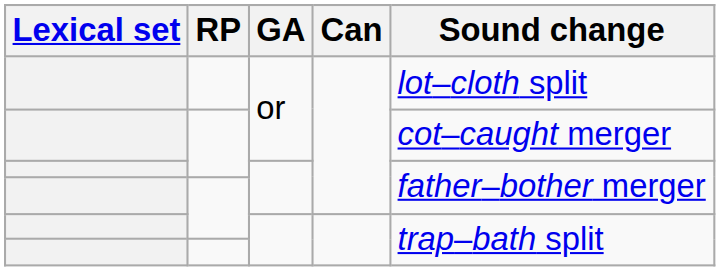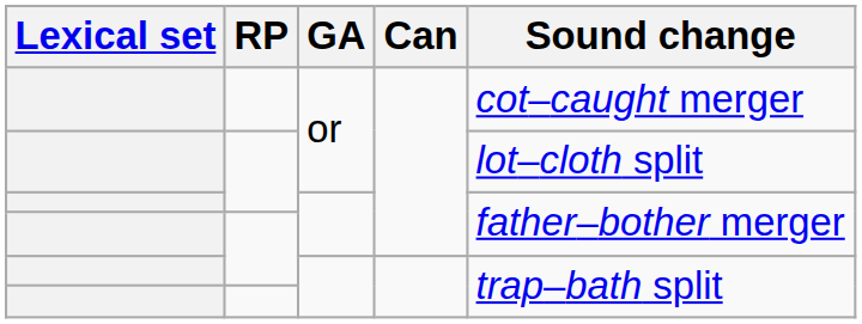 <table class="wikitable floatright">
 <tr>
 <th><a href='#'>Lexical set</a></th>
 <th>RP</th>
 <th>GA</th>
 <th>Can</th>
 <th>Sound change</th>
 </tr>
 <tr>
 <th></th>
 <td></td>
 <td rowspan="2"> or </td>
 <td rowspan="4"></td>
-<td><a href='#'><em>lot</em>–<em>cloth</em> split</a></td>
+<td><a href='#'><em>cot</em>–<em>caught</em> merger</a></td>
 </tr>
 <tr>
 <th></th>
 <td rowspan="2"></td>
-<td><a href='#'><em>cot</em>–<em>caught</em> merger</a></td>
+<td><a href='#'><em>lot</em>–<em>cloth</em> split</a></td>
 </tr>
 <tr>
 <th></th>
 <td rowspan="2"></td>
 <td rowspan="2"><a href='#'><em>father</em>–<em>bother</em> merger</a></td>
 </tr>
 <tr>
 <th></th>
 <td rowspan="2"></td>
 </tr>
 <tr>
 <th></th>
 <td rowspan="2"></td>
 <td rowspan="2"></td>
 <td rowspan="2"><a href='#'><em>trap</em>–<em>bath</em> split</a></td>
 </tr>
 <tr>
 <th></th>
 <td></td>
 </tr>
 </table>
